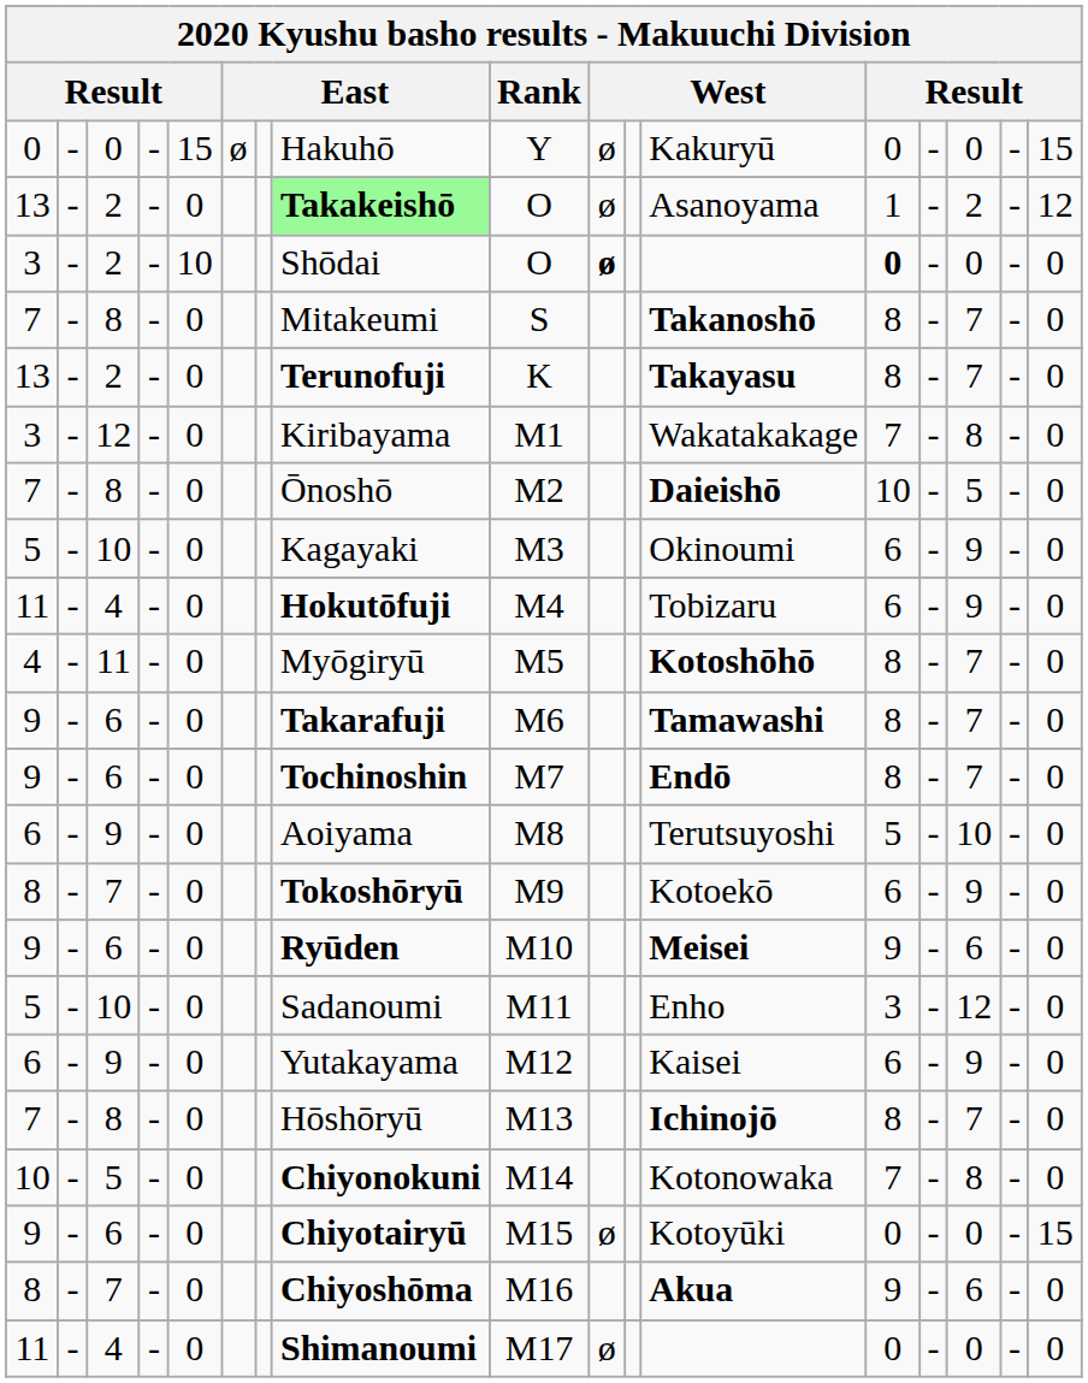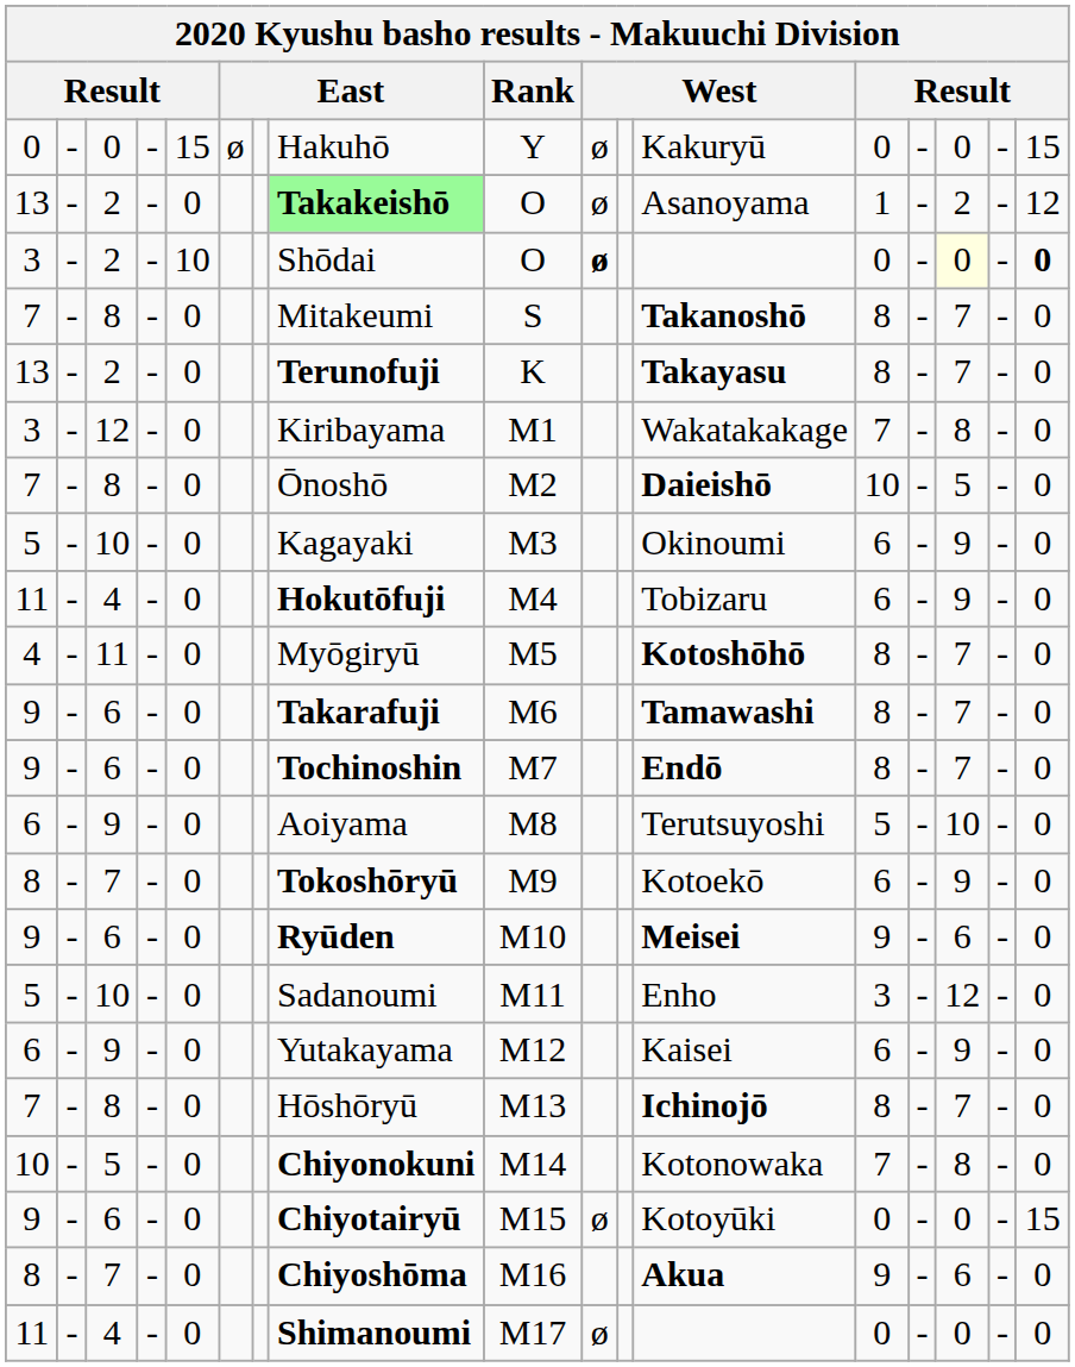 <table class="wikitable">
 <tr>
 <th colspan="17">2020 Kyushu basho results  - Makuuchi Division</th>
 </tr>
 <tr>
 <th colspan="5">Result</th>
 <th colspan="3">East</th>
 <th>Rank</th>
 <th colspan="3">West</th>
 <th colspan="5">Result</th>
 </tr>
 <tr>
 <td align=center>0</td>
 <td align=center>-</td>
 <td align=center>0</td>
 <td align=center>-</td>
 <td align=center>15</td>
 <td align=center>ø</td>
 <td align=center></td>
 <td>Hakuhō</td>
 <td align=center>Y</td>
 <td align=center>ø</td>
 <td align=center></td>
 <td>Kakuryū</td>
 <td align=center>0</td>
 <td align=center>-</td>
 <td align=center>0</td>
 <td align=center>-</td>
 <td align=center>15</td>
 </tr>
 <tr>
 <td align=center>13</td>
 <td align=center>-</td>
 <td align=center>2</td>
 <td align=center>-</td>
 <td align=center>0</td>
 <td align=center></td>
 <td align=center></td>
 <td style="background: PaleGreen;"><strong>Takakeishō</strong></td>
 <td align=center>O</td>
 <td align=center>ø</td>
 <td align=center></td>
 <td>Asanoyama</td>
 <td align=center>1</td>
 <td align=center>-</td>
 <td align=center>2</td>
 <td align=center>-</td>
 <td align=center>12</td>
 </tr>
 <tr>
 <td align=center>3</td>
 <td align=center>-</td>
 <td align=center>2</td>
 <td align=center>-</td>
 <td align=center>10</td>
 <td align=center></td>
 <td align=center></td>
 <td>Shōdai</td>
 <td align=center>O</td>
 <td align=center><strong>ø</strong></td>
 <td align=center></td>
 <td></td>
-<td align=center><strong>0</strong></td>
-<td align=center>-</td>
 <td align=center>0</td>
 <td align=center>-</td>
-<td align=center>0</td>
+<td align=center style="background: lightyellow;">0</td>
+<td align=center>-</td>
+<td align=center><strong>0</strong></td>
 </tr>
 <tr>
 <td align=center>7</td>
 <td align=center>-</td>
 <td align=center>8</td>
 <td align=center>-</td>
 <td align=center>0</td>
 <td align=center></td>
 <td align=center></td>
 <td>Mitakeumi</td>
 <td align=center>S</td>
 <td align=center></td>
 <td align=center></td>
 <td><strong>Takanoshō</strong></td>
 <td align=center>8</td>
 <td align=center>-</td>
 <td align=center>7</td>
 <td align=center>-</td>
 <td align=center>0</td>
 </tr>
 <tr>
 <td align=center>13</td>
 <td align=center>-</td>
 <td align=center>2</td>
 <td align=center>-</td>
 <td align=center>0</td>
 <td align=center></td>
 <td align=center></td>
 <td><strong>Terunofuji</strong></td>
 <td align=center>K</td>
 <td align=center></td>
 <td align=center></td>
 <td><strong>Takayasu</strong></td>
 <td align=center>8</td>
 <td align=center>-</td>
 <td align=center>7</td>
 <td align=center>-</td>
 <td align=center>0</td>
 </tr>
 <tr>
 <td align=center>3</td>
 <td align=center>-</td>
 <td align=center>12</td>
 <td align=center>-</td>
 <td align=center>0</td>
 <td align=center></td>
 <td align=center></td>
 <td>Kiribayama</td>
 <td align=center>M1</td>
 <td align=center></td>
 <td align=center></td>
 <td>Wakatakakage</td>
 <td align=center>7</td>
 <td align=center>-</td>
 <td align=center>8</td>
 <td align=center>-</td>
 <td align=center>0</td>
 </tr>
 <tr>
 <td align=center>7</td>
 <td align=center>-</td>
 <td align=center>8</td>
 <td align=center>-</td>
 <td align=center>0</td>
 <td align=center></td>
 <td align=center></td>
 <td>Ōnoshō</td>
 <td align=center>M2</td>
 <td align=center></td>
 <td align=center></td>
 <td><strong>Daieishō</strong></td>
 <td align=center>10</td>
 <td align=center>-</td>
 <td align=center>5</td>
 <td align=center>-</td>
 <td align=center>0</td>
 </tr>
 <tr>
 <td align=center>5</td>
 <td align=center>-</td>
 <td align=center>10</td>
 <td align=center>-</td>
 <td align=center>0</td>
 <td align=center></td>
 <td align=center></td>
 <td>Kagayaki</td>
 <td align=center>M3</td>
 <td align=center></td>
 <td align=center></td>
 <td>Okinoumi</td>
 <td align=center>6</td>
 <td align=center>-</td>
 <td align=center>9</td>
 <td align=center>-</td>
 <td align=center>0</td>
 </tr>
 <tr>
 <td align=center>11</td>
 <td align=center>-</td>
 <td align=center>4</td>
 <td align=center>-</td>
 <td align=center>0</td>
 <td align=center></td>
 <td align=center></td>
 <td><strong>Hokutōfuji</strong></td>
 <td align=center>M4</td>
 <td align=center></td>
 <td align=center></td>
 <td>Tobizaru</td>
 <td align=center>6</td>
 <td align=center>-</td>
 <td align=center>9</td>
 <td align=center>-</td>
 <td align=center>0</td>
 </tr>
 <tr>
 <td align=center>4</td>
 <td align=center>-</td>
 <td align=center>11</td>
 <td align=center>-</td>
 <td align=center>0</td>
 <td align=center></td>
 <td align=center></td>
 <td>Myōgiryū</td>
 <td align=center>M5</td>
 <td align=center></td>
 <td align=center></td>
 <td><strong>Kotoshōhō</strong></td>
 <td align=center>8</td>
 <td align=center>-</td>
 <td align=center>7</td>
 <td align=center>-</td>
 <td align=center>0</td>
 </tr>
 <tr>
 <td align=center>9</td>
 <td align=center>-</td>
 <td align=center>6</td>
 <td align=center>-</td>
 <td align=center>0</td>
 <td align=center></td>
 <td align=center></td>
 <td><strong>Takarafuji</strong></td>
 <td align=center>M6</td>
 <td align=center></td>
 <td align=center></td>
 <td><strong>Tamawashi</strong></td>
 <td align=center>8</td>
 <td align=center>-</td>
 <td align=center>7</td>
 <td align=center>-</td>
 <td align=center>0</td>
 </tr>
 <tr>
 <td align=center>9</td>
 <td align=center>-</td>
 <td align=center>6</td>
 <td align=center>-</td>
 <td align=center>0</td>
 <td align=center></td>
 <td align=center></td>
 <td><strong>Tochinoshin</strong></td>
 <td align=center>M7</td>
 <td align=center></td>
 <td align=center></td>
 <td><strong>Endō</strong></td>
 <td align=center>8</td>
 <td align=center>-</td>
 <td align=center>7</td>
 <td align=center>-</td>
 <td align=center>0</td>
 </tr>
 <tr>
 <td align=center>6</td>
 <td align=center>-</td>
 <td align=center>9</td>
 <td align=center>-</td>
 <td align=center>0</td>
 <td align=center></td>
 <td align=center></td>
 <td>Aoiyama</td>
 <td align=center>M8</td>
 <td align=center></td>
 <td align=center></td>
 <td>Terutsuyoshi</td>
 <td align=center>5</td>
 <td align=center>-</td>
 <td align=center>10</td>
 <td align=center>-</td>
 <td align=center>0</td>
 </tr>
 <tr>
 <td align=center>8</td>
 <td align=center>-</td>
 <td align=center>7</td>
 <td align=center>-</td>
 <td align=center>0</td>
 <td align=center></td>
 <td align=center></td>
 <td><strong>Tokoshōryū</strong></td>
 <td align=center>M9</td>
 <td align=center></td>
 <td align=center></td>
 <td>Kotoekō</td>
 <td align=center>6</td>
 <td align=center>-</td>
 <td align=center>9</td>
 <td align=center>-</td>
 <td align=center>0</td>
 </tr>
 <tr>
 <td align=center>9</td>
 <td align=center>-</td>
 <td align=center>6</td>
 <td align=center>-</td>
 <td align=center>0</td>
 <td align=center></td>
 <td align=center></td>
 <td><strong>Ryūden</strong></td>
 <td align=center>M10</td>
 <td align=center></td>
 <td align=center></td>
 <td><strong>Meisei</strong></td>
 <td align=center>9</td>
 <td align=center>-</td>
 <td align=center>6</td>
 <td align=center>-</td>
 <td align=center>0</td>
 </tr>
 <tr>
 <td align=center>5</td>
 <td align=center>-</td>
 <td align=center>10</td>
 <td align=center>-</td>
 <td align=center>0</td>
 <td align=center></td>
 <td align=center></td>
 <td>Sadanoumi</td>
 <td align=center>M11</td>
 <td align=center></td>
 <td align=center></td>
 <td>Enho</td>
 <td align=center>3</td>
 <td align=center>-</td>
 <td align=center>12</td>
 <td align=center>-</td>
 <td align=center>0</td>
 </tr>
 <tr>
 <td align=center>6</td>
 <td align=center>-</td>
 <td align=center>9</td>
 <td align=center>-</td>
 <td align=center>0</td>
 <td align=center></td>
 <td align=center></td>
 <td>Yutakayama</td>
 <td align=center>M12</td>
 <td align=center></td>
 <td align=center></td>
 <td>Kaisei</td>
 <td align=center>6</td>
 <td align=center>-</td>
 <td align=center>9</td>
 <td align=center>-</td>
 <td align=center>0</td>
 </tr>
 <tr>
 <td align=center>7</td>
 <td align=center>-</td>
 <td align=center>8</td>
 <td align=center>-</td>
 <td align=center>0</td>
 <td align=center></td>
 <td align=center></td>
 <td>Hōshōryū</td>
 <td align=center>M13</td>
 <td align=center></td>
 <td align=center></td>
 <td><strong>Ichinojō</strong></td>
 <td align=center>8</td>
 <td align=center>-</td>
 <td align=center>7</td>
 <td align=center>-</td>
 <td align=center>0</td>
 </tr>
 <tr>
 <td align=center>10</td>
 <td align=center>-</td>
 <td align=center>5</td>
 <td align=center>-</td>
 <td align=center>0</td>
 <td align=center></td>
 <td align=center></td>
 <td><strong>Chiyonokuni</strong></td>
 <td align=center>M14</td>
 <td align=center></td>
 <td align=center></td>
 <td>Kotonowaka</td>
 <td align=center>7</td>
 <td align=center>-</td>
 <td align=center>8</td>
 <td align=center>-</td>
 <td align=center>0</td>
 </tr>
 <tr>
 <td align=center>9</td>
 <td align=center>-</td>
 <td align=center>6</td>
 <td align=center>-</td>
 <td align=center>0</td>
 <td align=center></td>
 <td align=center></td>
 <td><strong>Chiyotairyū</strong></td>
 <td align=center>M15</td>
 <td align=center>ø</td>
 <td align=center></td>
 <td>Kotoyūki</td>
 <td align=center>0</td>
 <td align=center>-</td>
 <td align=center>0</td>
 <td align=center>-</td>
 <td align=center>15</td>
 </tr>
 <tr>
 <td align=center>8</td>
 <td align=center>-</td>
 <td align=center>7</td>
 <td align=center>-</td>
 <td align=center>0</td>
 <td align=center></td>
 <td align=center></td>
 <td><strong>Chiyoshōma</strong></td>
 <td align=center>M16</td>
 <td align=center></td>
 <td align=center></td>
 <td><strong>Akua</strong></td>
 <td align=center>9</td>
 <td align=center>-</td>
 <td align=center>6</td>
 <td align=center>-</td>
 <td align=center>0</td>
 </tr>
 <tr>
 <td align=center>11</td>
 <td align=center>-</td>
 <td align=center>4</td>
 <td align=center>-</td>
 <td align=center>0</td>
 <td align=center></td>
 <td align=center></td>
 <td><strong>Shimanoumi</strong></td>
 <td align=center>M17</td>
 <td align=center>ø</td>
 <td align=center></td>
 <td></td>
 <td align=center>0</td>
 <td align=center>-</td>
 <td align=center>0</td>
 <td align=center>-</td>
 <td align=center>0</td>
 </tr>
 </table>
